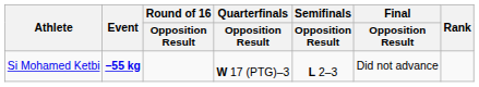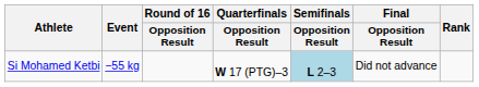 <table class="wikitable" style="font-size:90%;">
 <tr>
 <th rowspan=2>Athlete</th>
 <th rowspan=2>Event</th>
 <th>Round of 16</th>
 <th>Quarterfinals</th>
 <th>Semifinals</th>
 <th>Final</th>
 <th rowspan=2>Rank</th>
 </tr>
 <tr style="font-size:95%">
 <th>Opposition<br>Result</th>
 <th>Opposition<br>Result</th>
 <th>Opposition<br>Result</th>
 <th>Opposition<br>Result</th>
 </tr>
 <tr align=center>
 <td align=left><a href='#'>Si Mohamed Ketbi</a></td>
-<td align=left><strong><a href='#'>−55 kg</a></strong></td>
+<td align=left><a href='#'>−55 kg</a></td>
 <td></td>
 <td><br><strong>W</strong> 17 (PTG)–3</td>
-<td><br><strong>L</strong> 2–3</td>
+<td style="background: lightblue;"><br><strong>L</strong> 2–3</td>
 <td>Did not advance</td>
 <td></td>
 </tr>
 </table>
